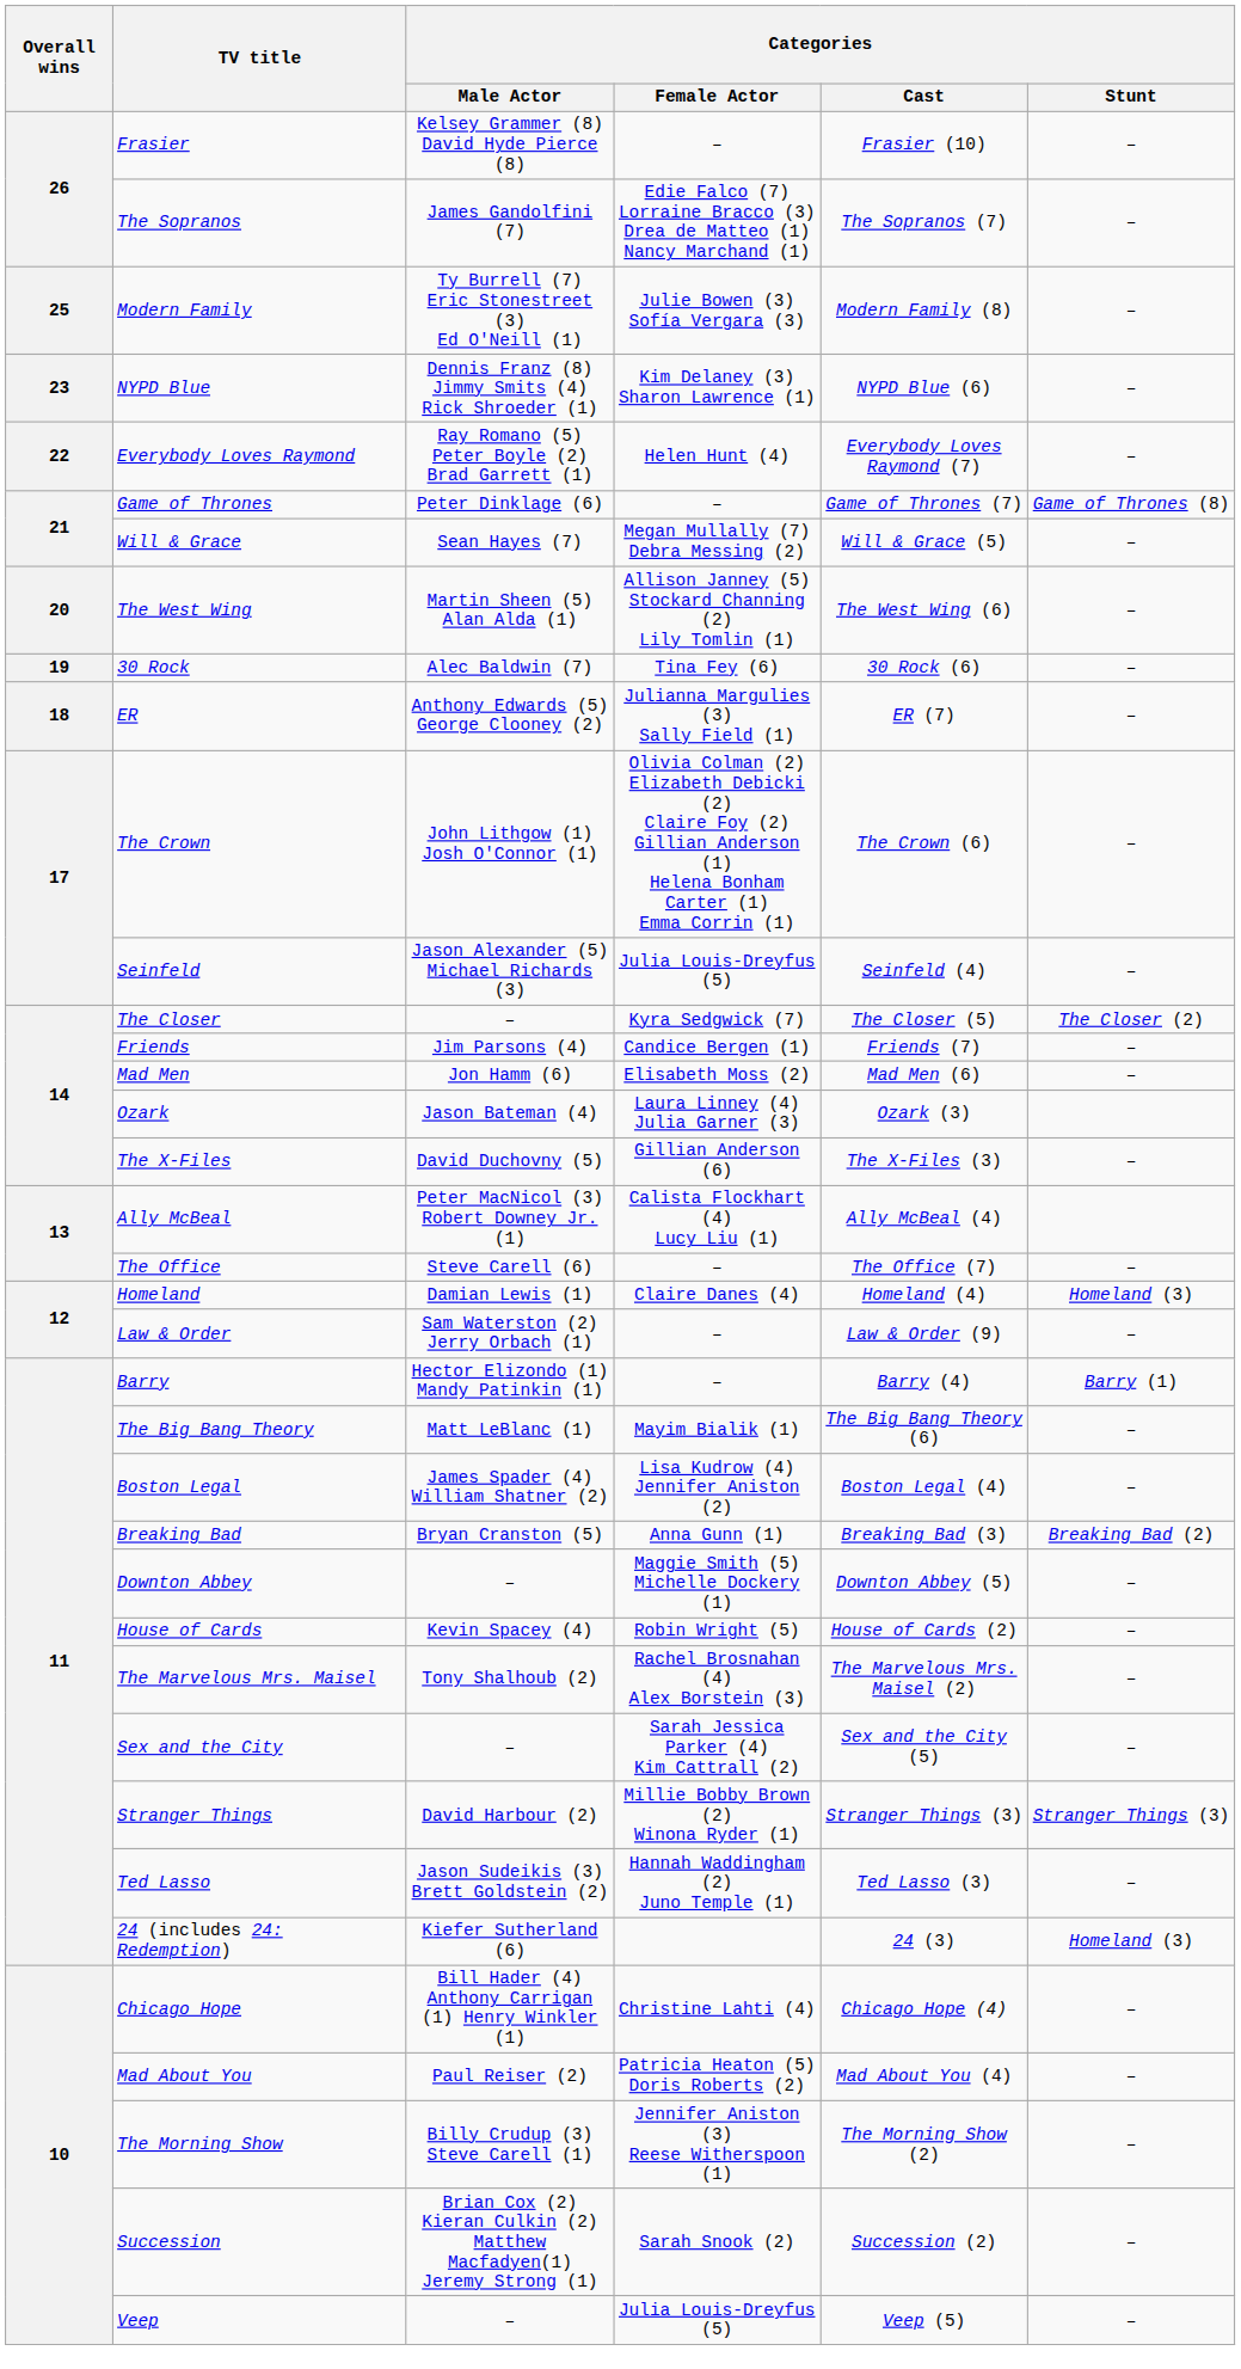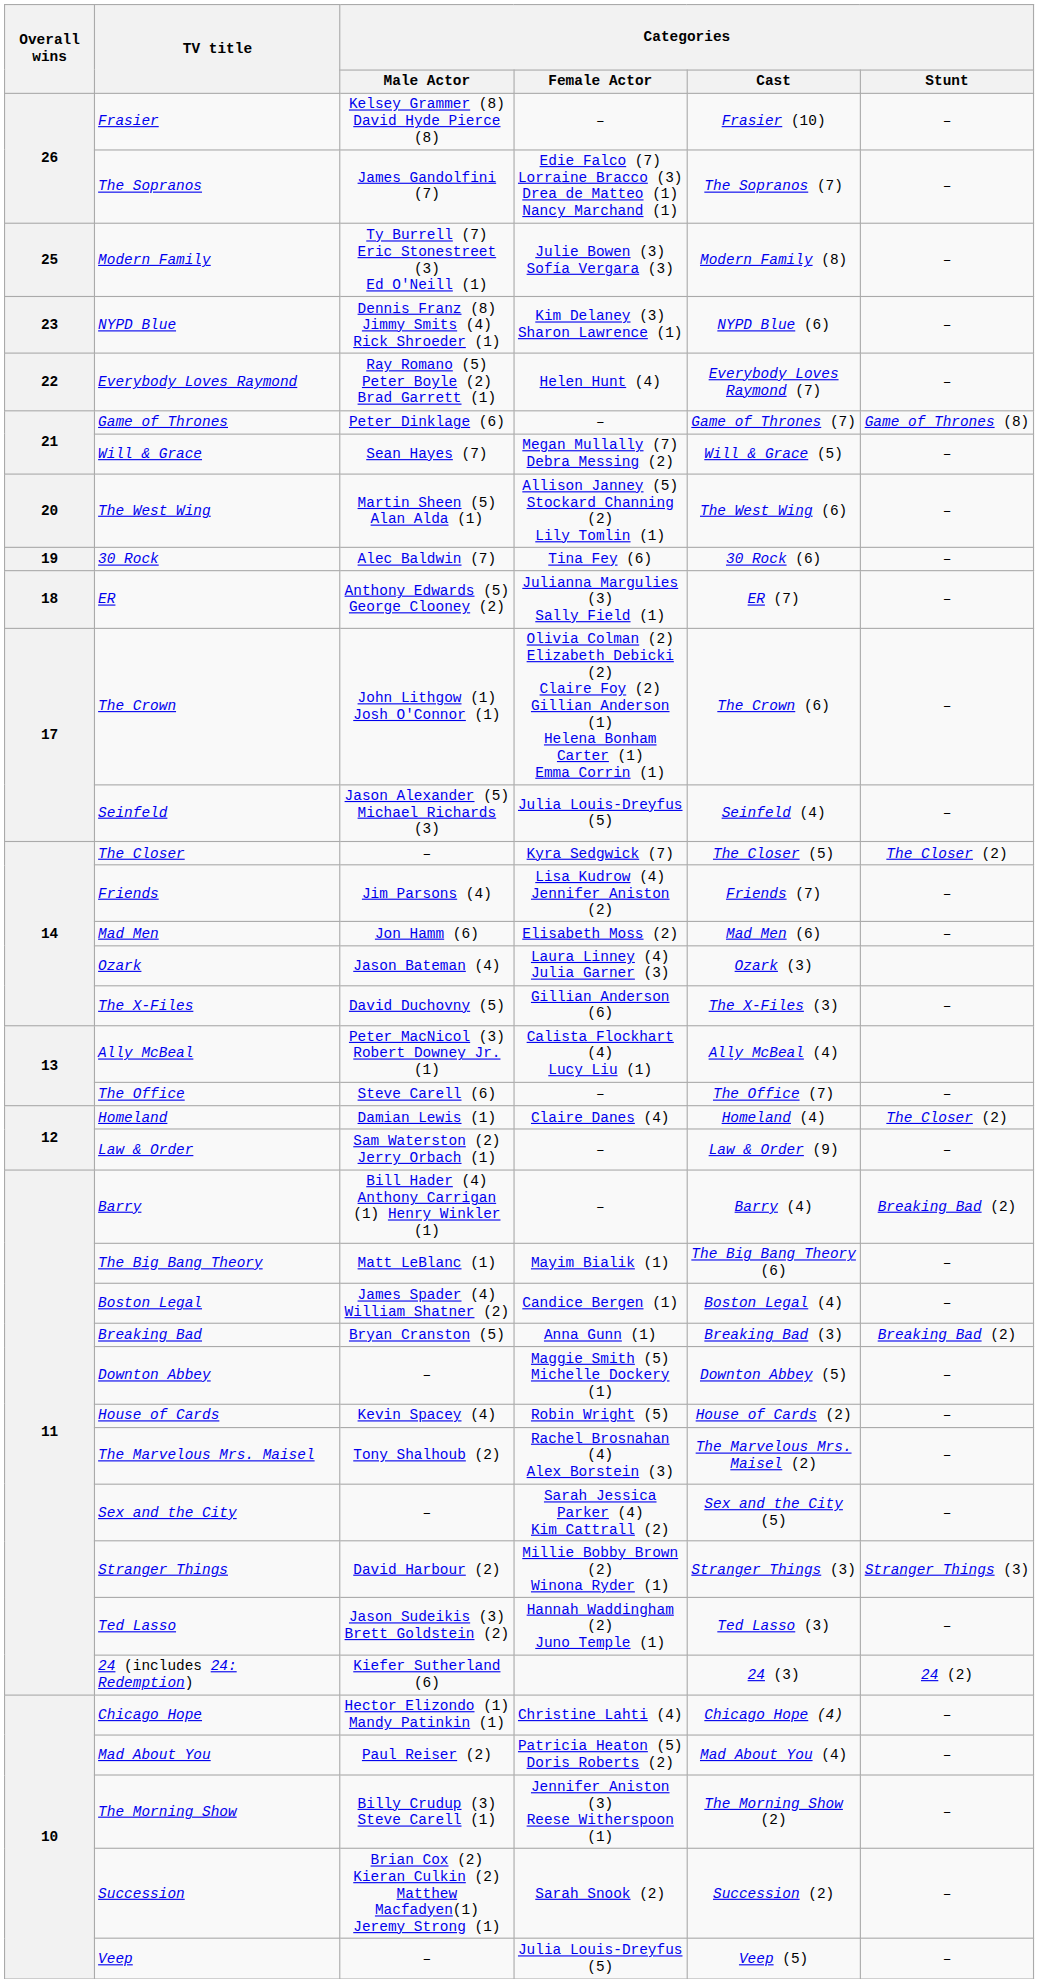 <table class="wikitable" style="text-align: center">
 <tr style="height:4.5em;">
 <th rowspan="2" width="75">Overall wins</th>
 <th rowspan="2" width="215">TV title</th>
 <th colspan="4">Categories</th>
 </tr>
 <tr style="text-align: center">
 <th width="150">Male Actor</th>
 <th width="150">Female Actor</th>
 <th width="150">Cast</th>
 <th width="150">Stunt</th>
 </tr>
 <tr>
 <th rowspan="2">26</th>
 <td align="left"><em><a href='#'>Frasier</a></em></td>
 <td><a href='#'>Kelsey Grammer</a> (8)<br><a href='#'>David Hyde Pierce</a> (8)</td>
 <td>–</td>
 <td><em><a href='#'>Frasier</a></em> (10)</td>
 <td>–</td>
 </tr>
 <tr>
 <td align="left"><em><a href='#'>The Sopranos</a></em></td>
 <td><a href='#'>James Gandolfini</a> (7)</td>
 <td><a href='#'>Edie Falco</a> (7)<br><a href='#'>Lorraine Bracco</a> (3)<br><a href='#'>Drea de Matteo</a> (1)<br><a href='#'>Nancy Marchand</a> (1)</td>
 <td><em><a href='#'>The Sopranos</a></em> (7)</td>
 <td>–</td>
 </tr>
 <tr>
 <th>25</th>
 <td align="left"><em><a href='#'>Modern Family</a></em></td>
 <td><a href='#'>Ty Burrell</a> (7)<br><a href='#'>Eric Stonestreet</a> (3)<br><a href='#'>Ed O'Neill</a> (1)</td>
 <td><a href='#'>Julie Bowen</a> (3)<br><a href='#'>Sofía Vergara</a> (3)</td>
 <td><em><a href='#'>Modern Family</a></em> (8)</td>
 <td>–</td>
 </tr>
 <tr>
 <th>23</th>
 <td align="left"><em><a href='#'>NYPD Blue</a></em></td>
 <td><a href='#'>Dennis Franz</a> (8)<br><a href='#'>Jimmy Smits</a> (4)<br><a href='#'>Rick Shroeder</a> (1)</td>
 <td><a href='#'>Kim Delaney</a> (3)<br><a href='#'>Sharon Lawrence</a> (1)</td>
 <td><em><a href='#'>NYPD Blue</a></em> (6)</td>
 <td>–</td>
 </tr>
 <tr>
 <th>22</th>
 <td align="left"><em><a href='#'>Everybody Loves Raymond</a></em></td>
 <td><a href='#'>Ray Romano</a> (5)<br><a href='#'>Peter Boyle</a> (2)<br><a href='#'>Brad Garrett</a> (1)</td>
 <td><a href='#'>Helen Hunt</a> (4)</td>
 <td><em><a href='#'>Everybody Loves Raymond</a></em> (7)</td>
 <td>–</td>
 </tr>
 <tr>
 <th rowspan="2">21</th>
 <td align="left"><em><a href='#'>Game of Thrones</a></em></td>
 <td><a href='#'>Peter Dinklage</a> (6)</td>
 <td>–</td>
 <td><em><a href='#'>Game of Thrones</a></em> (7)</td>
 <td><em><a href='#'>Game of Thrones</a></em> (8)</td>
 </tr>
 <tr>
 <td align="left"><em><a href='#'>Will & Grace</a></em></td>
 <td><a href='#'>Sean Hayes</a> (7)</td>
 <td><a href='#'>Megan Mullally</a> (7)<br><a href='#'>Debra Messing</a> (2)</td>
 <td><em><a href='#'>Will & Grace</a></em> (5)</td>
 <td>–</td>
 </tr>
 <tr>
 <th>20</th>
 <td align="left"><em><a href='#'>The West Wing</a></em></td>
 <td><a href='#'>Martin Sheen</a> (5)<br><a href='#'>Alan Alda</a> (1)</td>
 <td><a href='#'>Allison Janney</a> (5)<br><a href='#'>Stockard Channing</a> (2)<br><a href='#'>Lily Tomlin</a> (1)</td>
 <td><em><a href='#'>The West Wing</a></em> (6)</td>
 <td>–</td>
 </tr>
 <tr>
 <th>19</th>
 <td align="left"><em><a href='#'>30 Rock</a></em></td>
 <td><a href='#'>Alec Baldwin</a> (7)</td>
 <td><a href='#'>Tina Fey</a> (6)</td>
 <td><em><a href='#'>30 Rock</a></em> (6)</td>
 <td>–</td>
 </tr>
 <tr>
 <th>18</th>
 <td align="left"><em><a href='#'>ER</a></em></td>
 <td><a href='#'>Anthony Edwards</a> (5)<br><a href='#'>George Clooney</a> (2)</td>
 <td><a href='#'>Julianna Margulies</a> (3)<br><a href='#'>Sally Field</a> (1)</td>
 <td><em><a href='#'>ER</a></em> (7)</td>
 <td>–</td>
 </tr>
 <tr>
 <th rowspan="2">17</th>
 <td align="left"><em><a href='#'>The Crown</a></em></td>
 <td><a href='#'>John Lithgow</a> (1)<br><a href='#'>Josh O'Connor</a> (1)</td>
 <td><a href='#'>Olivia Colman</a> (2)<br><a href='#'>Elizabeth Debicki</a> (2)<br><a href='#'>Claire Foy</a> (2)<br><a href='#'>Gillian Anderson</a> (1)<br><a href='#'>Helena Bonham Carter</a> (1)<br><a href='#'>Emma Corrin</a> (1)</td>
 <td><em><a href='#'>The Crown</a></em> (6)</td>
 <td>–</td>
 </tr>
 <tr>
 <td align="left"><em><a href='#'>Seinfeld</a></em></td>
 <td><a href='#'>Jason Alexander</a> (5)<br><a href='#'>Michael Richards</a> (3)</td>
 <td><a href='#'>Julia Louis-Dreyfus</a> (5)</td>
 <td><em><a href='#'>Seinfeld</a></em> (4)</td>
 <td>–</td>
 </tr>
 <tr>
 <th rowspan="5">14</th>
 <td align="left"><em><a href='#'>The Closer</a></em></td>
 <td>–</td>
 <td><a href='#'>Kyra Sedgwick</a> (7)</td>
 <td><em><a href='#'>The Closer</a></em> (5)</td>
 <td><em><a href='#'>The Closer</a></em> (2)</td>
 </tr>
 <tr>
 <td align="left"><em><a href='#'>Friends</a></em></td>
 <td><a href='#'>Jim Parsons</a> (4)</td>
-<td><a href='#'>Candice Bergen</a> (1)</td>
+<td><a href='#'>Lisa Kudrow</a> (4)<br><a href='#'>Jennifer Aniston</a> (2)</td>
 <td><em><a href='#'>Friends</a></em> (7)</td>
 <td>–</td>
 </tr>
 <tr>
 <td align="left"><em><a href='#'>Mad Men</a></em></td>
 <td><a href='#'>Jon Hamm</a> (6)</td>
 <td><a href='#'>Elisabeth Moss</a> (2)</td>
 <td><em><a href='#'>Mad Men</a></em> (6)</td>
 <td>–</td>
 </tr>
 <tr>
 <td align="left"><em><a href='#'>Ozark</a></em></td>
 <td><a href='#'>Jason Bateman</a> (4)</td>
 <td><a href='#'>Laura Linney</a> (4)<br><a href='#'>Julia Garner</a>  (3)</td>
 <td><em><a href='#'>Ozark</a></em> (3)</td>
 </tr>
 <tr>
 <td align="left"><em><a href='#'>The X-Files</a></em></td>
 <td><a href='#'>David Duchovny</a> (5)</td>
 <td><a href='#'>Gillian Anderson</a> (6)</td>
 <td><em><a href='#'>The X-Files</a></em> (3)</td>
 <td>–</td>
 </tr>
 <tr>
 <th rowspan="2">13</th>
 <td align="left"><em><a href='#'>Ally McBeal</a></em></td>
 <td><a href='#'>Peter MacNicol</a> (3)<br><a href='#'>Robert Downey Jr.</a> (1)</td>
 <td><a href='#'>Calista Flockhart</a> (4)<br><a href='#'>Lucy Liu</a> (1)</td>
 <td><em><a href='#'>Ally McBeal</a></em> (4)</td>
 <td></td>
 </tr>
 <tr>
 <td align="left"><em><a href='#'>The Office</a></em></td>
 <td><a href='#'>Steve Carell</a> (6)</td>
 <td>–</td>
 <td><em><a href='#'>The Office</a></em> (7)</td>
 <td>–</td>
 </tr>
 <tr>
 <th rowspan="2">12</th>
 <td align="left"><em><a href='#'>Homeland</a></em></td>
 <td><a href='#'>Damian Lewis</a> (1)</td>
 <td><a href='#'>Claire Danes</a> (4)</td>
 <td><em><a href='#'>Homeland</a></em> (4)</td>
-<td><em><a href='#'>Homeland</a></em> (3)</td>
+<td><em><a href='#'>The Closer</a></em> (2)</td>
 </tr>
 <tr>
 <td align="left"><em><a href='#'>Law & Order</a></em></td>
 <td><a href='#'>Sam Waterston</a> (2)<br><a href='#'>Jerry Orbach</a> (1)</td>
 <td>–</td>
 <td><em><a href='#'>Law & Order</a></em> (9)</td>
 <td>–</td>
 </tr>
 <tr>
 <th rowspan="11">11</th>
 <td align="left"><a href='#'><em>Barry</em></a></td>
-<td><a href='#'>Hector Elizondo</a> (1)<br><a href='#'>Mandy Patinkin</a> (1)</td>
+<td><a href='#'>Bill Hader</a> (4)<br><a href='#'>Anthony Carrigan</a> (1) <a href='#'>Henry Winkler</a> (1)</td>
 <td>–</td>
 <td><a href='#'><em>Barry</em></a> (4)</td>
-<td><a href='#'><em>Barry</em></a> (1)</td>
+<td><em><a href='#'>Breaking Bad</a></em> (2)</td>
 </tr>
 <tr>
 <td align="left"><em><a href='#'>The Big Bang Theory</a></em></td>
 <td><a href='#'>Matt LeBlanc</a> (1)</td>
 <td><a href='#'>Mayim Bialik</a> (1)</td>
 <td><em><a href='#'>The Big Bang Theory</a></em> (6)</td>
 <td>–</td>
 </tr>
 <tr>
 <td align="left"><em><a href='#'>Boston Legal</a></em></td>
 <td><a href='#'>James Spader</a> (4)<br><a href='#'>William Shatner</a> (2)</td>
-<td><a href='#'>Lisa Kudrow</a> (4)<br><a href='#'>Jennifer Aniston</a> (2)</td>
+<td><a href='#'>Candice Bergen</a> (1)</td>
 <td><em><a href='#'>Boston Legal</a></em> (4)</td>
 <td>–</td>
 </tr>
 <tr>
 <td align="left"><em><a href='#'>Breaking Bad</a></em></td>
 <td><a href='#'>Bryan Cranston</a> (5)</td>
 <td><a href='#'>Anna Gunn</a> (1)</td>
 <td><em><a href='#'>Breaking Bad</a></em> (3)</td>
 <td><em><a href='#'>Breaking Bad</a></em> (2)</td>
 </tr>
 <tr>
 <td align="left"><em><a href='#'>Downton Abbey</a></em></td>
 <td>–</td>
 <td><a href='#'>Maggie Smith</a> (5)<br><a href='#'>Michelle Dockery</a> (1)</td>
 <td><em><a href='#'>Downton Abbey</a></em> (5)</td>
 <td>–</td>
 </tr>
 <tr>
 <td align="left"><em><a href='#'>House of Cards</a></em></td>
 <td><a href='#'>Kevin Spacey</a> (4)</td>
 <td><a href='#'>Robin Wright</a> (5)</td>
 <td><em><a href='#'>House of Cards</a></em> (2)</td>
 <td>–</td>
 </tr>
 <tr>
 <td align="left"><em><a href='#'>The Marvelous Mrs. Maisel</a></em></td>
 <td><a href='#'>Tony Shalhoub</a> (2)</td>
 <td><a href='#'>Rachel Brosnahan</a> (4)<br><a href='#'>Alex Borstein</a> (3)</td>
 <td><em><a href='#'>The Marvelous Mrs. Maisel</a></em> (2)</td>
 <td>–</td>
 </tr>
 <tr>
 <td align="left"><em><a href='#'>Sex and the City</a></em></td>
 <td>–</td>
 <td><a href='#'>Sarah Jessica Parker</a> (4)<br><a href='#'>Kim Cattrall</a> (2)</td>
 <td><em><a href='#'>Sex and the City</a></em> (5)</td>
 <td>–</td>
 </tr>
 <tr>
 <td align="left"><em><a href='#'>Stranger Things</a></em></td>
 <td><a href='#'>David Harbour</a> (2)</td>
 <td><a href='#'>Millie Bobby Brown</a> (2)<br><a href='#'>Winona Ryder</a> (1)</td>
 <td><em><a href='#'>Stranger Things</a></em> (3)</td>
 <td><em><a href='#'>Stranger Things</a></em> (3)</td>
 </tr>
 <tr>
 <td align="left"><em><a href='#'>Ted Lasso</a></em></td>
 <td><a href='#'>Jason Sudeikis</a> (3)<br><a href='#'>Brett Goldstein</a> (2)</td>
 <td><a href='#'>Hannah Waddingham</a> (2)<br><a href='#'>Juno Temple</a> (1)</td>
 <td><em><a href='#'>Ted Lasso</a></em> (3)</td>
 <td>–</td>
 </tr>
 <tr>
 <td align="left"><em><a href='#'>24</a></em> (includes <em><a href='#'>24: Redemption</a></em>)</td>
 <td><a href='#'>Kiefer Sutherland</a> (6)</td>
 <td></td>
 <td><em><a href='#'>24</a></em> (3)</td>
-<td><em><a href='#'>Homeland</a></em> (3)</td>
+<td><em><a href='#'>24</a></em> (2)</td>
 </tr>
 <tr>
 <th rowspan="5">10</th>
 <td align="left"><em><a href='#'>Chicago Hope</a></em></td>
-<td><a href='#'>Bill Hader</a> (4)<br><a href='#'>Anthony Carrigan</a> (1) <a href='#'>Henry Winkler</a> (1)</td>
+<td><a href='#'>Hector Elizondo</a> (1)<br><a href='#'>Mandy Patinkin</a> (1)</td>
 <td><a href='#'>Christine Lahti</a> (4)</td>
 <td><em><a href='#'>Chicago Hope</a> (4)</em></td>
 <td>–</td>
 </tr>
 <tr>
 <td align="left"><em><a href='#'>Mad About You</a></em></td>
 <td><a href='#'>Paul Reiser</a> (2)</td>
 <td><a href='#'>Patricia Heaton</a> (5)<br><a href='#'>Doris Roberts</a> (2)</td>
 <td><em><a href='#'>Mad About You</a></em> (4)</td>
 <td>–</td>
 </tr>
 <tr>
 <td align="left"><a href='#'><em>The Morning Show</em></a></td>
 <td><a href='#'>Billy Crudup</a> (3)<br><a href='#'>Steve Carell</a> (1)</td>
 <td><a href='#'>Jennifer Aniston</a> (3)<br><a href='#'>Reese Witherspoon</a> (1)</td>
 <td><a href='#'><em>The Morning Show</em></a> (2)</td>
 <td>–</td>
 </tr>
 <tr>
 <td align="left"><a href='#'><em>Succession</em></a></td>
 <td><a href='#'>Brian Cox</a> (2)<br><a href='#'>Kieran Culkin</a> (2)<br><a href='#'>Matthew Macfadyen</a>(1)<br><a href='#'>Jeremy Strong</a> (1)</td>
 <td><a href='#'>Sarah Snook</a> (2)</td>
 <td><a href='#'><em>Succession</em></a> (2)</td>
 <td>–</td>
 </tr>
 <tr>
 <td align="left"><em><a href='#'>Veep</a></em></td>
 <td>–</td>
 <td><a href='#'>Julia Louis-Dreyfus</a> (5)</td>
 <td><em><a href='#'>Veep</a></em> (5)</td>
 <td>–</td>
 </tr>
 <tr>
 </tr>
 </table>
